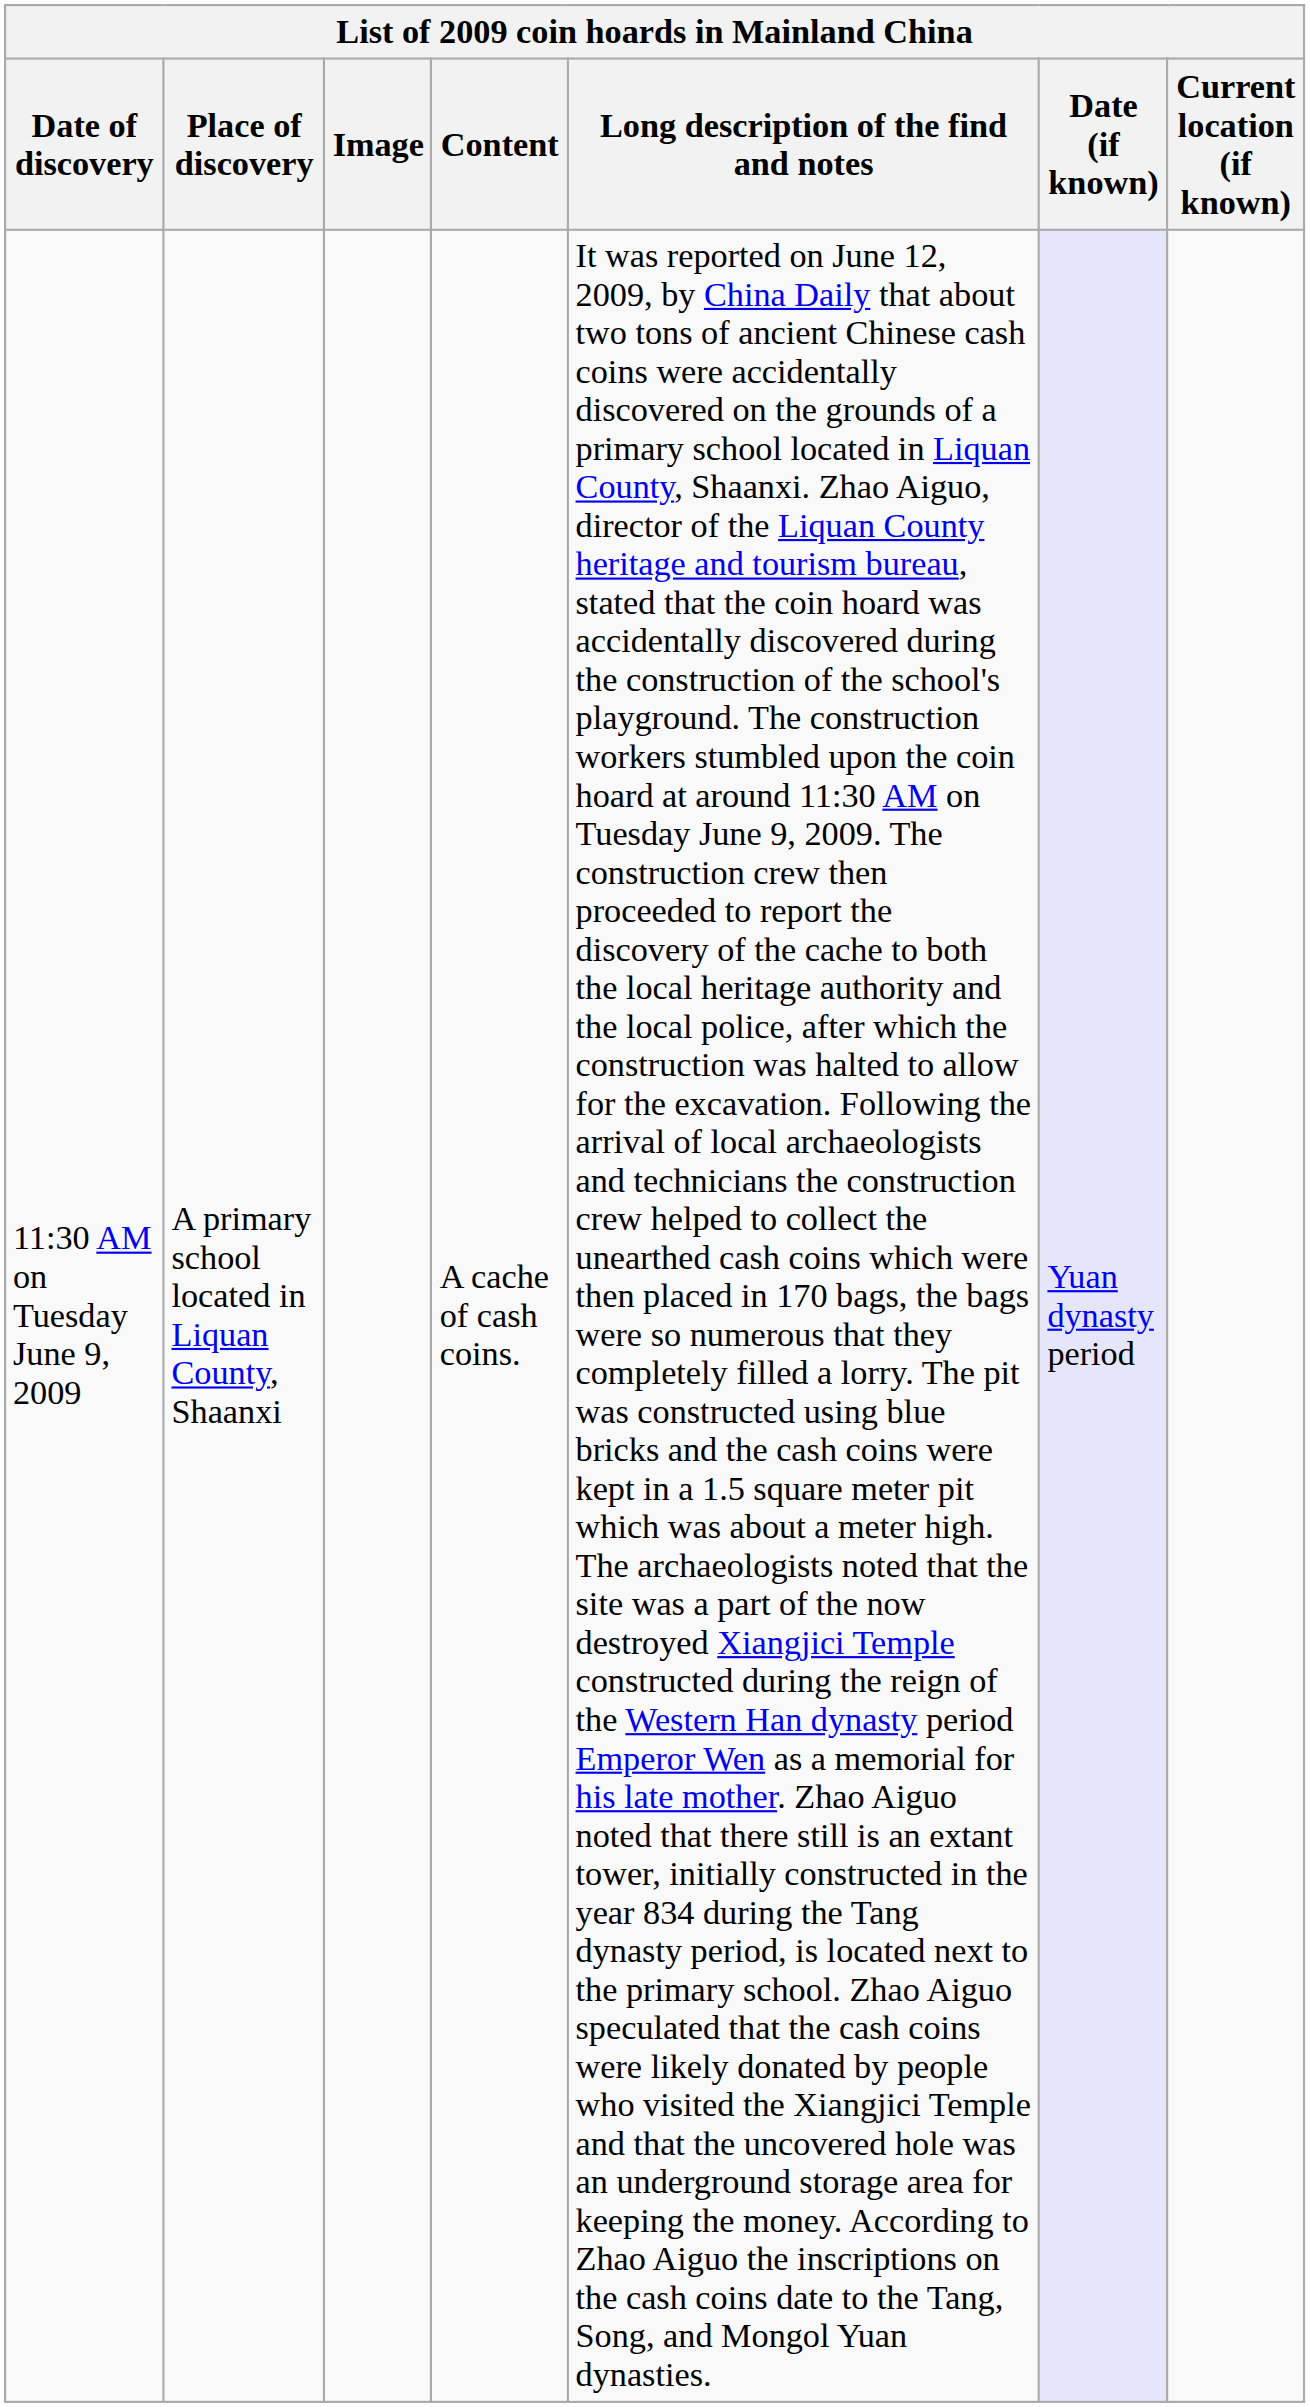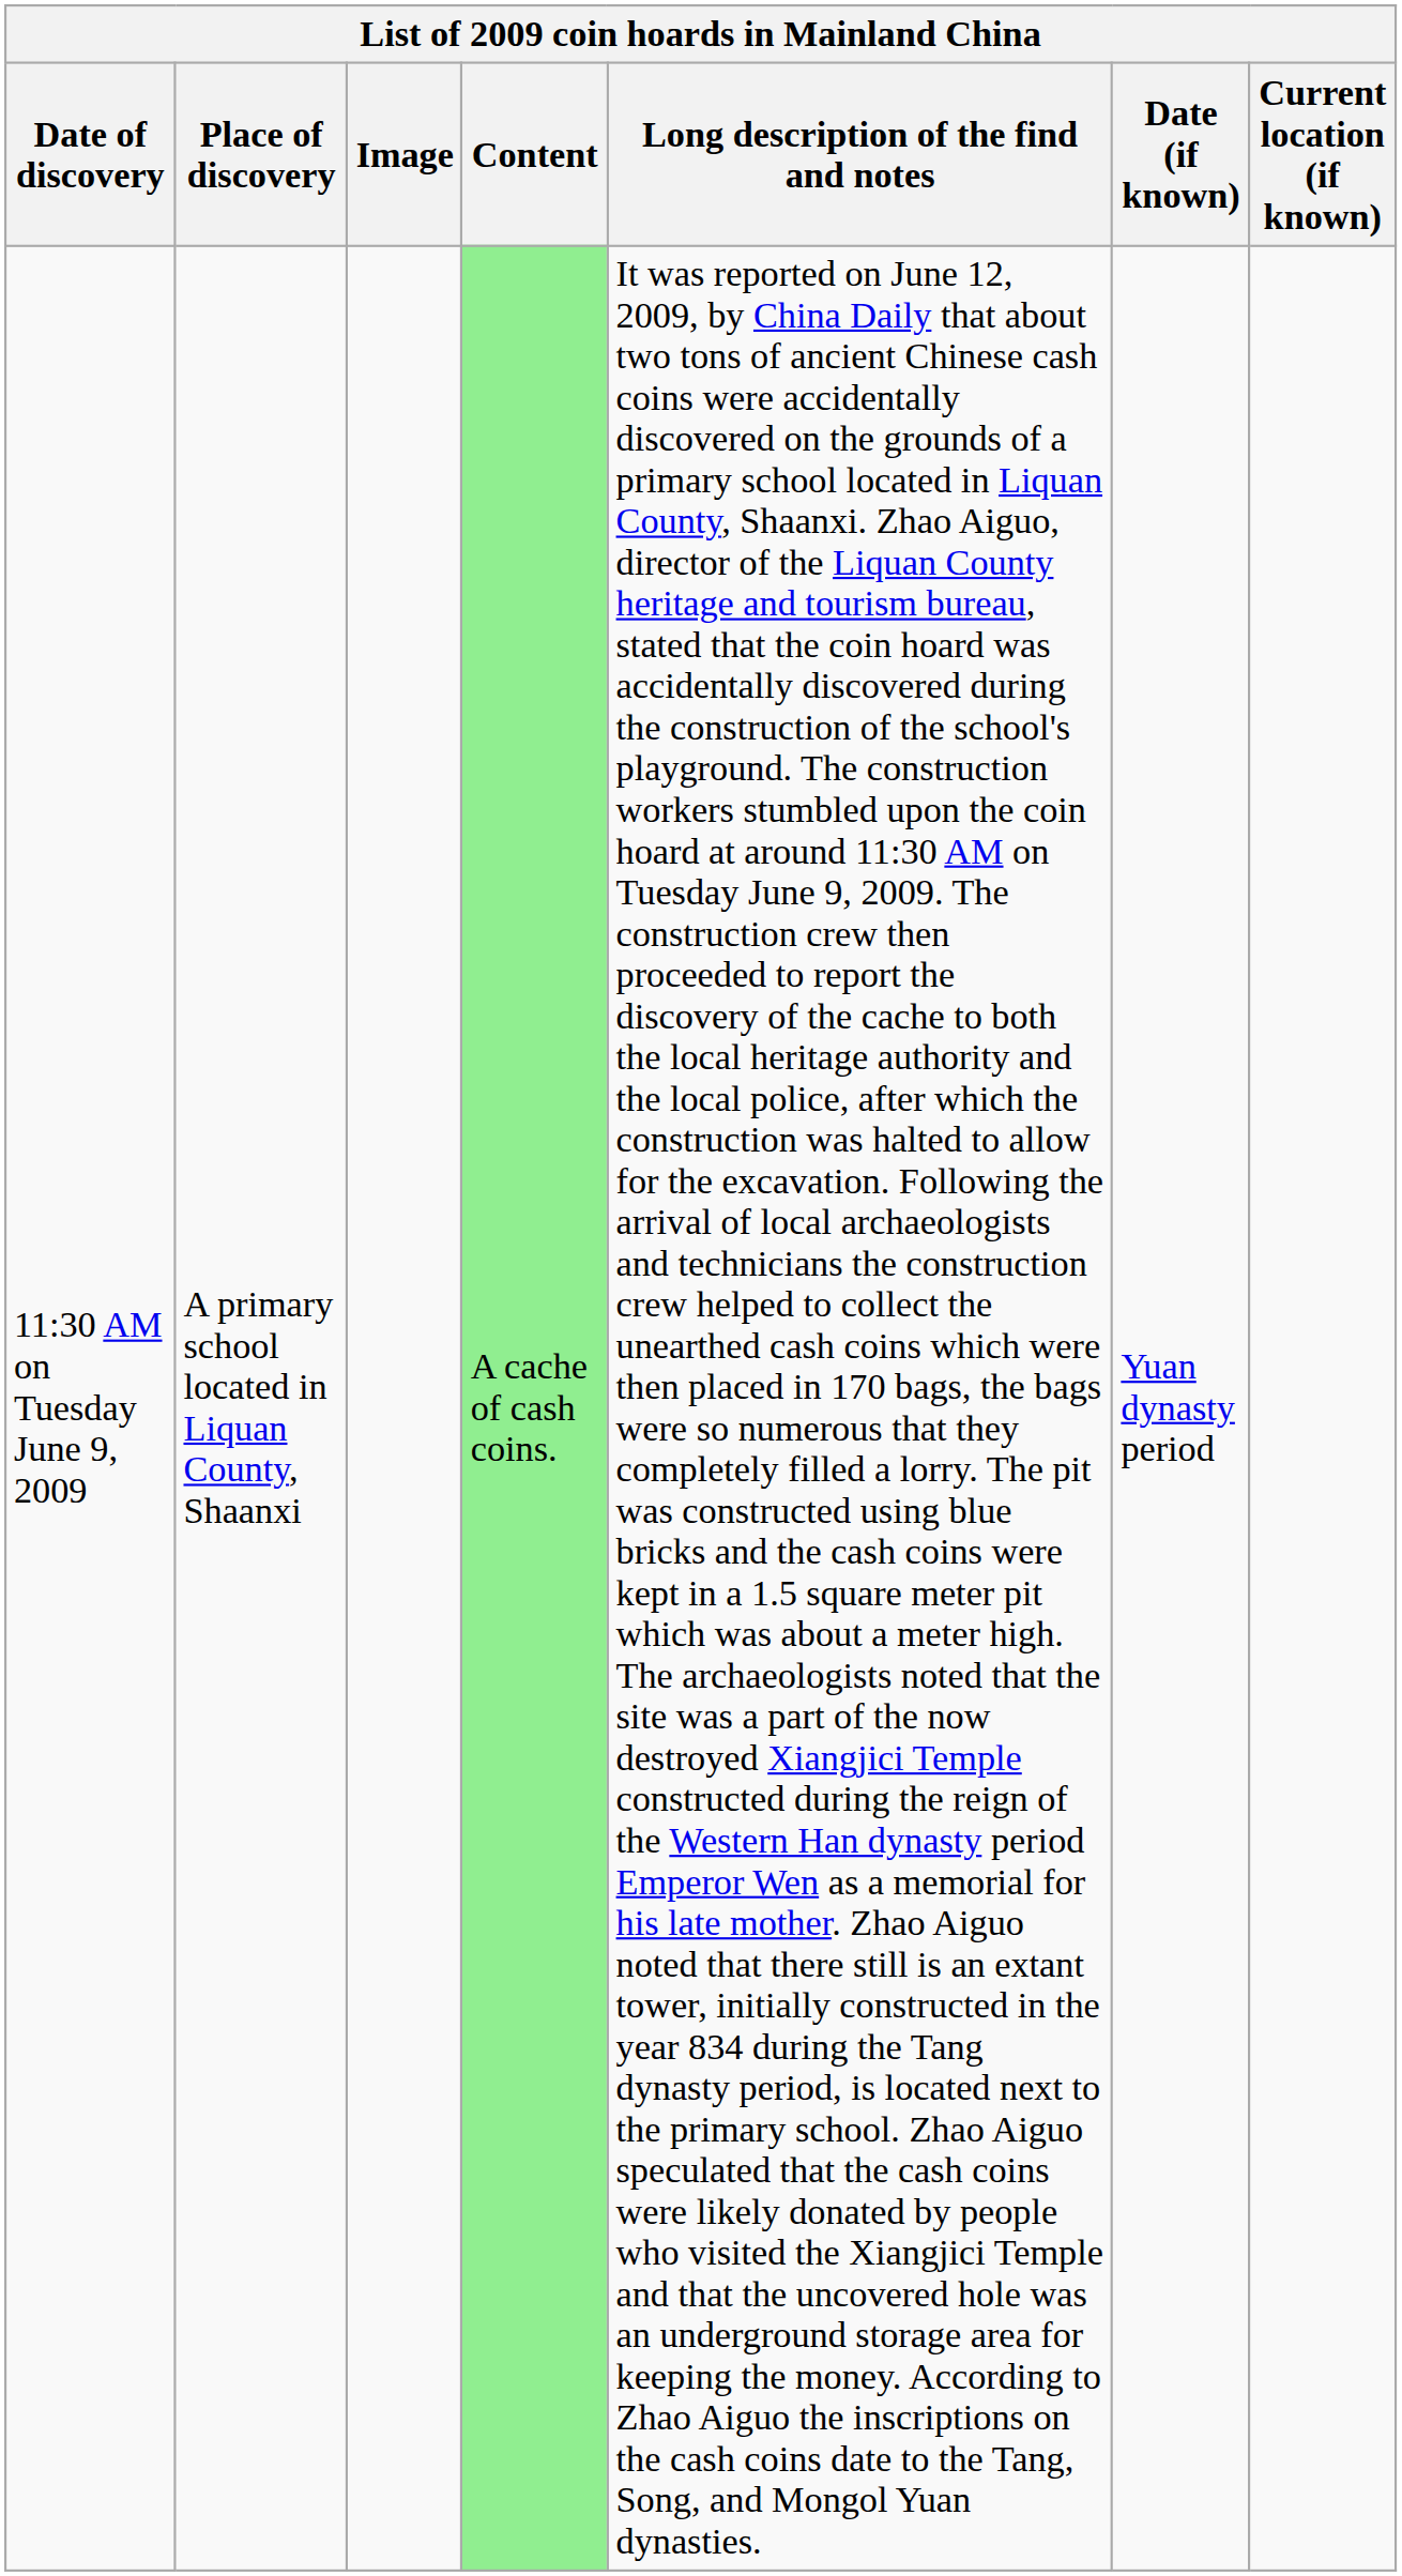 <table class="wikitable" style="font-size: 100%">
 <tr>
 <th colspan=7>List of 2009 coin hoards in Mainland China</th>
 </tr>
 <tr>
 <th>Date of discovery</th>
 <th>Place of discovery</th>
 <th>Image</th>
 <th>Content</th>
 <th>Long description of the find and notes</th>
 <th>Date<br>(if known)</th>
 <th>Current location<br>(if known)</th>
 </tr>
 <tr>
 <td>11:30 <a href='#'>AM</a> on Tuesday June 9, 2009</td>
 <td>A primary school located in <a href='#'>Liquan County</a>, Shaanxi</td>
 <td></td>
-<td>A cache of cash coins.</td>
+<td style="background: lightgreen;">A cache of cash coins.</td>
 <td>It was reported on June 12, 2009, by <a href='#'>China Daily</a> that about two tons of ancient Chinese cash coins were accidentally discovered on the grounds of a primary school located in <a href='#'>Liquan County</a>, Shaanxi. Zhao Aiguo, director of the <a href='#'>Liquan County heritage and tourism bureau</a>, stated that the coin hoard was accidentally discovered during the construction of the school's playground. The construction workers stumbled upon the coin hoard at around 11:30 <a href='#'>AM</a> on Tuesday June 9, 2009. The construction crew then proceeded to report the discovery of the cache to both the local heritage authority and the local police, after which the construction was halted to allow for the excavation. Following the arrival of local archaeologists and technicians the construction crew helped to collect the unearthed cash coins which were then placed in 170 bags, the bags were so numerous that they completely filled a lorry. The pit was constructed using blue bricks and the cash coins were kept in a 1.5 square meter pit which was about a meter high. The archaeologists noted that the site was a part of the now destroyed <a href='#'>Xiangjici Temple</a> constructed during the reign of the <a href='#'>Western Han dynasty</a> period <a href='#'>Emperor Wen</a> as a memorial for <a href='#'>his late mother</a>. Zhao Aiguo noted that there still is an extant tower, initially constructed in the year 834 during the Tang dynasty period, is located next to the primary school. Zhao Aiguo speculated that the cash coins were likely donated by people who visited the Xiangjici Temple and that the uncovered hole was an underground storage area for keeping the money. According to Zhao Aiguo the inscriptions on the cash coins date to the Tang, Song, and Mongol Yuan dynasties.</td>
-<td style="background: lavender;"><a href='#'>Yuan dynasty</a> period</td>
+<td><a href='#'>Yuan dynasty</a> period</td>
 <td></td>
 </tr>
 </table>
